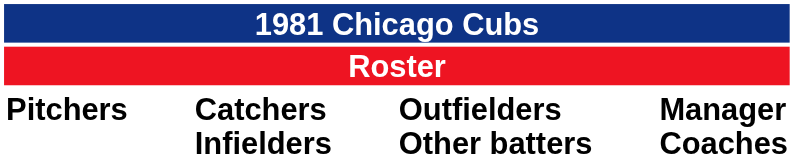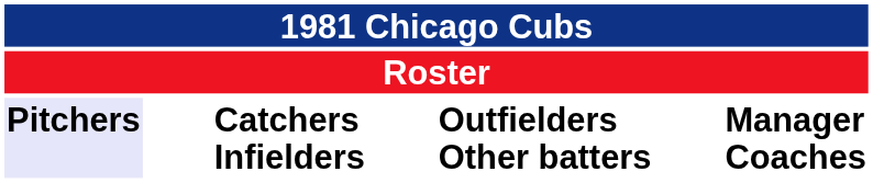 <table class="toccolours" style="font-size: 95%;">
 <tr>
 <th colspan="10" style="background:#0e3386; color:#fff; text-align:center;">1981 Chicago Cubs</th>
 </tr>
 <tr>
 <td colspan="10" style="background:#ee1422; color:#fff; text-align:center;"><strong>Roster</strong></td>
 </tr>
 <tr>
-<td valign="top"><strong>Pitchers</strong><br>              </td>
+<td valign="top" style="background: lavender;"><strong>Pitchers</strong><br>              </td>
 <td style="width:25px;"></td>
 <td valign="top"><strong>Catchers</strong><br>    <strong>Infielders</strong>          </td>
 <td style="width:25px;"></td>
 <td valign="top"><strong>Outfielders</strong><br>         <strong>Other batters</strong> </td>
 <td style="width:25px;"></td>
 <td valign="top"><strong>Manager</strong><br> <strong>Coaches</strong>     </td>
 </tr>
 </table>
